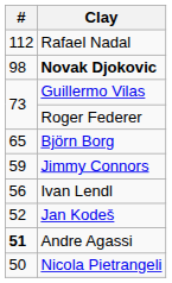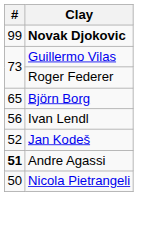 <table class=wikitable style="display:inline-table;">
 <tr>
 <th>#</th>
 <th>Clay</th>
 </tr>
 <tr>
-<td>112</td>
-<td> Rafael Nadal</td>
-</tr>
-<tr>
-<td>98</td>
+<td>99</td>
 <td> <strong>Novak Djokovic</strong></td>
 </tr>
 <tr>
 <td rowspan=2>73</td>
 <td> <a href='#'>Guillermo Vilas</a></td>
 </tr>
 <tr>
 <td> Roger Federer</td>
 </tr>
 <tr>
 <td>65</td>
 <td> <a href='#'>Björn Borg</a></td>
-</tr>
-<tr>
-<td>59</td>
-<td> <a href='#'>Jimmy Connors</a></td>
 </tr>
 <tr>
 <td>56</td>
 <td> Ivan Lendl</td>
 </tr>
 <tr>
 <td>52</td>
 <td> <a href='#'>Jan Kodeš</a></td>
 </tr>
 <tr>
 <td><strong>51</strong></td>
 <td> Andre Agassi</td>
 </tr>
 <tr>
 <td>50</td>
 <td> <a href='#'>Nicola Pietrangeli</a></td>
 </tr>
 </table>
